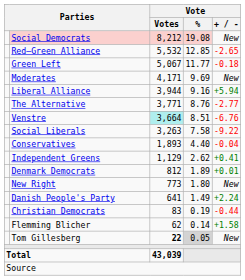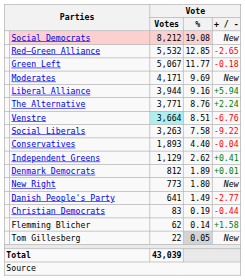 <table class="wikitable" style="text-align:right;">
 <tr>
 <th style="text-align:centre;" rowspan="2" colspan="2" width="225">Parties</th>
 <th colspan="3">Vote</th>
 </tr>
 <tr>
 <th width="15">Votes</th>
 <th width="15">%</th>
 <th width="15">+ / -</th>
 </tr>
 <tr>
 <td width="2" style="color:inherit;background:"></td>
 <td bgcolor=#fbd0ce  align="left"><a href='#'>Social Democrats</a></td>
 <td bgcolor=#fbd0ce>8,212</td>
 <td bgcolor=#fbd0ce>19.08</td>
 <td><em>New</em></td>
 </tr>
 <tr>
 <td width="2" style="color:inherit;background:"></td>
 <td align="left"><a href='#'>Red–Green Alliance</a></td>
 <td>5,532</td>
 <td>12.85</td>
 <td style=color:red;>-2.65</td>
 </tr>
 <tr>
 <td width="2" style="color:inherit;background:"></td>
 <td align="left"><a href='#'>Green Left</a></td>
 <td>5,067</td>
 <td>11.77</td>
 <td style=color:red;>-0.18</td>
 </tr>
 <tr>
 <td width="2" style="color:inherit;background:"></td>
 <td align="left"><a href='#'>Moderates</a></td>
 <td>4,171</td>
 <td>9.69</td>
 <td><em>New</em></td>
 </tr>
 <tr>
 <td width="2" style="color:inherit;background:"></td>
 <td align="left"><a href='#'>Liberal Alliance</a></td>
 <td>3,944</td>
 <td>9.16</td>
 <td style=color:green;>+5.94</td>
 </tr>
 <tr>
 <td width="2" style="color:inherit;background:"></td>
 <td align="left"><a href='#'>The Alternative</a></td>
 <td>3,771</td>
 <td>8.76</td>
-<td style=color:red;>-2.77</td>
+<td style=color:green;>+2.24</td>
 </tr>
 <tr>
 <td width="2" style="color:inherit;background:"></td>
 <td align="left"><a href='#'>Venstre</a></td>
 <td style="background: paleturquoise;">3,664</td>
 <td>8.51</td>
 <td style=color:red;>-6.76</td>
 </tr>
 <tr>
 <td width="2" style="color:inherit;background:"></td>
 <td align="left"><a href='#'>Social Liberals</a></td>
 <td>3,263</td>
 <td>7.58</td>
 <td style=color:red;>-9.22</td>
 </tr>
 <tr>
 <td width="2" style="color:inherit;background:"></td>
 <td align="left"><a href='#'>Conservatives</a></td>
 <td>1,893</td>
 <td>4.40</td>
 <td style=color:red;>-0.04</td>
 </tr>
 <tr>
 <td width="2" style="color:inherit;background:"></td>
 <td align="left"><a href='#'>Independent Greens</a></td>
 <td>1,129</td>
 <td>2.62</td>
 <td style=color:green;>+0.41</td>
 </tr>
 <tr>
 <td width="2" style="color:inherit;background:"></td>
 <td align="left"><a href='#'>Denmark Democrats</a></td>
 <td>812</td>
 <td>1.89</td>
 <td style=color:green;>+0.01</td>
 </tr>
 <tr>
 <td width="2" style="color:inherit;background:"></td>
 <td align="left"><a href='#'>New Right</a></td>
 <td>773</td>
 <td>1.80</td>
 <td><em>New</em></td>
 </tr>
 <tr>
 <td width="2" style="color:inherit;background:"></td>
 <td align="left"><a href='#'>Danish People's Party</a></td>
 <td>641</td>
 <td>1.49</td>
-<td style=color:green;>+2.24</td>
+<td style=color:red;>-2.77</td>
 </tr>
 <tr>
 <td width="2" style="color:inherit;background:"></td>
 <td align="left"><a href='#'>Christian Democrats</a></td>
 <td>83</td>
 <td>0.19</td>
 <td style=color:red;>-0.44</td>
 </tr>
 <tr>
 <td width="2" style="color:inherit;background:"></td>
 <td align="left">Flemming Blicher</td>
 <td>62</td>
 <td>0.14</td>
 <td style=color:green;>+1.58</td>
 </tr>
 <tr>
 <td width="2" style="color:inherit;background:"></td>
 <td align="left">Tom Gillesberg</td>
-<td><strong>22</strong></td>
+<td>22</td>
 <td style="background: lightgrey;">0.05</td>
 <td><em>New</em></td>
 </tr>
 <tr>
 <td colspan="7" bgcolor="#E9E9E9"></td>
 </tr>
 <tr>
 <td align="left" colspan="2"><strong>Total</strong></td>
 <td><strong>43,039</strong></td>
 <td bgcolor="#E9E9E9" colspan="2"></td>
 </tr>
 <tr>
 <td align="left" colspan="6">Source</td>
 </tr>
 </table>
